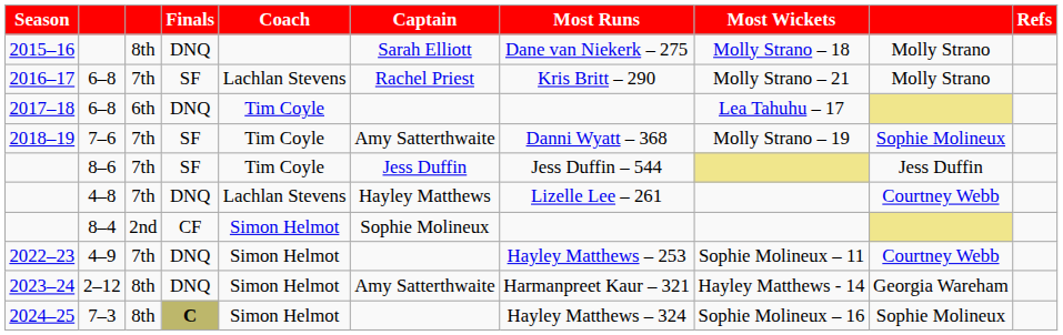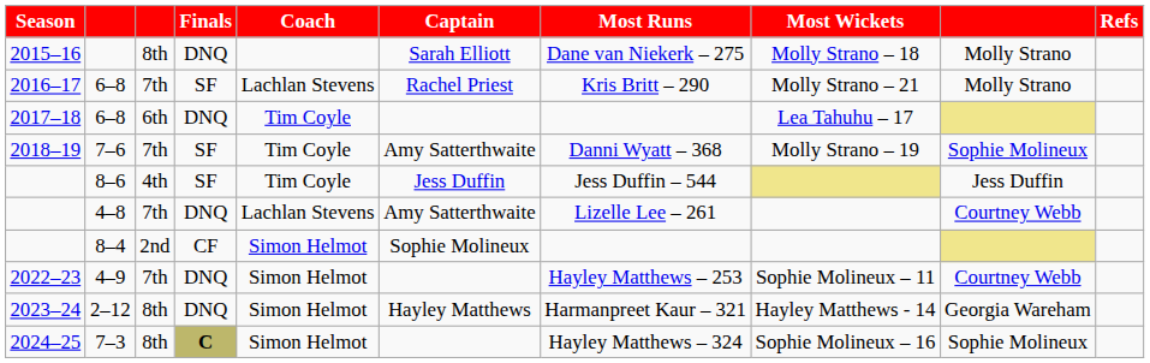 <table class="wikitable" style="font-size:100%">
 <tr>
 <th style="background:red; color:white;">Season</th>
 <th style="background:red; color:white; "></th>
 <th style="background:red; color:white; "></th>
 <th style="background:red; color:white; ">Finals</th>
 <th style="background:red; color:white;">Coach</th>
 <th style="background:red; color:white;">Captain</th>
 <th style="background:red; color:white;">Most Runs</th>
 <th style="background:red; color:white;">Most Wickets</th>
 <th style="background:red; color:white;"></th>
 <th style="background:red; color:white;">Refs</th>
 </tr>
 <tr align=center>
 <td><a href='#'>2015–16</a></td>
 <td></td>
 <td>8th</td>
 <td>DNQ</td>
 <td></td>
 <td><a href='#'>Sarah Elliott</a></td>
 <td><a href='#'>Dane van Niekerk</a> – 275</td>
 <td><a href='#'>Molly Strano</a> – 18</td>
 <td>Molly Strano</td>
 <td></td>
 </tr>
 <tr align=center>
 <td><a href='#'>2016–17</a></td>
 <td>6–8</td>
 <td>7th</td>
 <td>SF</td>
 <td>Lachlan Stevens</td>
 <td><a href='#'>Rachel Priest</a></td>
 <td><a href='#'>Kris Britt</a> – 290</td>
 <td>Molly Strano – 21</td>
 <td>Molly Strano</td>
 <td></td>
 </tr>
 <tr align=center>
 <td><a href='#'>2017–18</a></td>
 <td>6–8</td>
 <td>6th</td>
 <td>DNQ</td>
 <td><a href='#'>Tim Coyle</a></td>
 <td></td>
 <td></td>
 <td><a href='#'>Lea Tahuhu</a> – 17</td>
 <td style="background:Khaki;"></td>
 <td></td>
 </tr>
 <tr align=center>
 <td><a href='#'>2018–19</a></td>
 <td>7–6</td>
 <td>7th</td>
 <td>SF</td>
 <td>Tim Coyle</td>
 <td>Amy Satterthwaite</td>
 <td><a href='#'>Danni Wyatt</a> – 368</td>
 <td>Molly Strano – 19</td>
 <td><a href='#'>Sophie Molineux</a></td>
 <td></td>
 </tr>
 <tr align=center>
 <td></td>
 <td>8–6</td>
-<td>7th</td>
+<td>4th</td>
 <td>SF</td>
 <td>Tim Coyle</td>
 <td><a href='#'>Jess Duffin</a></td>
 <td>Jess Duffin – 544</td>
 <td style="background:Khaki;"></td>
 <td>Jess Duffin</td>
 <td></td>
 </tr>
 <tr align=center>
 <td></td>
 <td>4–8</td>
 <td>7th</td>
 <td>DNQ</td>
 <td>Lachlan Stevens</td>
-<td>Hayley Matthews</td>
+<td>Amy Satterthwaite</td>
 <td><a href='#'>Lizelle Lee</a> – 261</td>
 <td></td>
 <td><a href='#'>Courtney Webb</a></td>
 <td></td>
 </tr>
 <tr align=center>
 <td></td>
 <td>8–4</td>
 <td>2nd</td>
 <td>CF</td>
 <td><a href='#'>Simon Helmot</a></td>
 <td>Sophie Molineux</td>
 <td></td>
 <td></td>
 <td style="background:Khaki;"></td>
 <td></td>
 </tr>
 <tr align=center>
 <td><a href='#'>2022–23</a></td>
 <td>4–9</td>
 <td>7th</td>
 <td>DNQ</td>
 <td>Simon Helmot</td>
 <td></td>
 <td><a href='#'>Hayley Matthews</a> – 253</td>
 <td>Sophie Molineux – 11</td>
 <td><a href='#'>Courtney Webb</a></td>
 <td></td>
 </tr>
 <tr align=center>
 <td><a href='#'>2023–24</a></td>
 <td>2–12</td>
 <td>8th</td>
 <td>DNQ</td>
 <td>Simon Helmot</td>
-<td>Amy Satterthwaite</td>
+<td>Hayley Matthews</td>
 <td>Harmanpreet Kaur – 321</td>
 <td>Hayley Matthews - 14</td>
 <td>Georgia Wareham</td>
 <td></td>
 </tr>
 <tr align=center>
 <td><a href='#'>2024–25</a></td>
 <td>7–3</td>
 <td>8th</td>
 <td bgcolor="DarkKhaki"><strong>C</strong></td>
 <td>Simon Helmot</td>
 <td></td>
 <td>Hayley Matthews – 324</td>
 <td>Sophie Molineux – 16</td>
 <td>Sophie Molineux</td>
 <td></td>
 </tr>
 </table>
